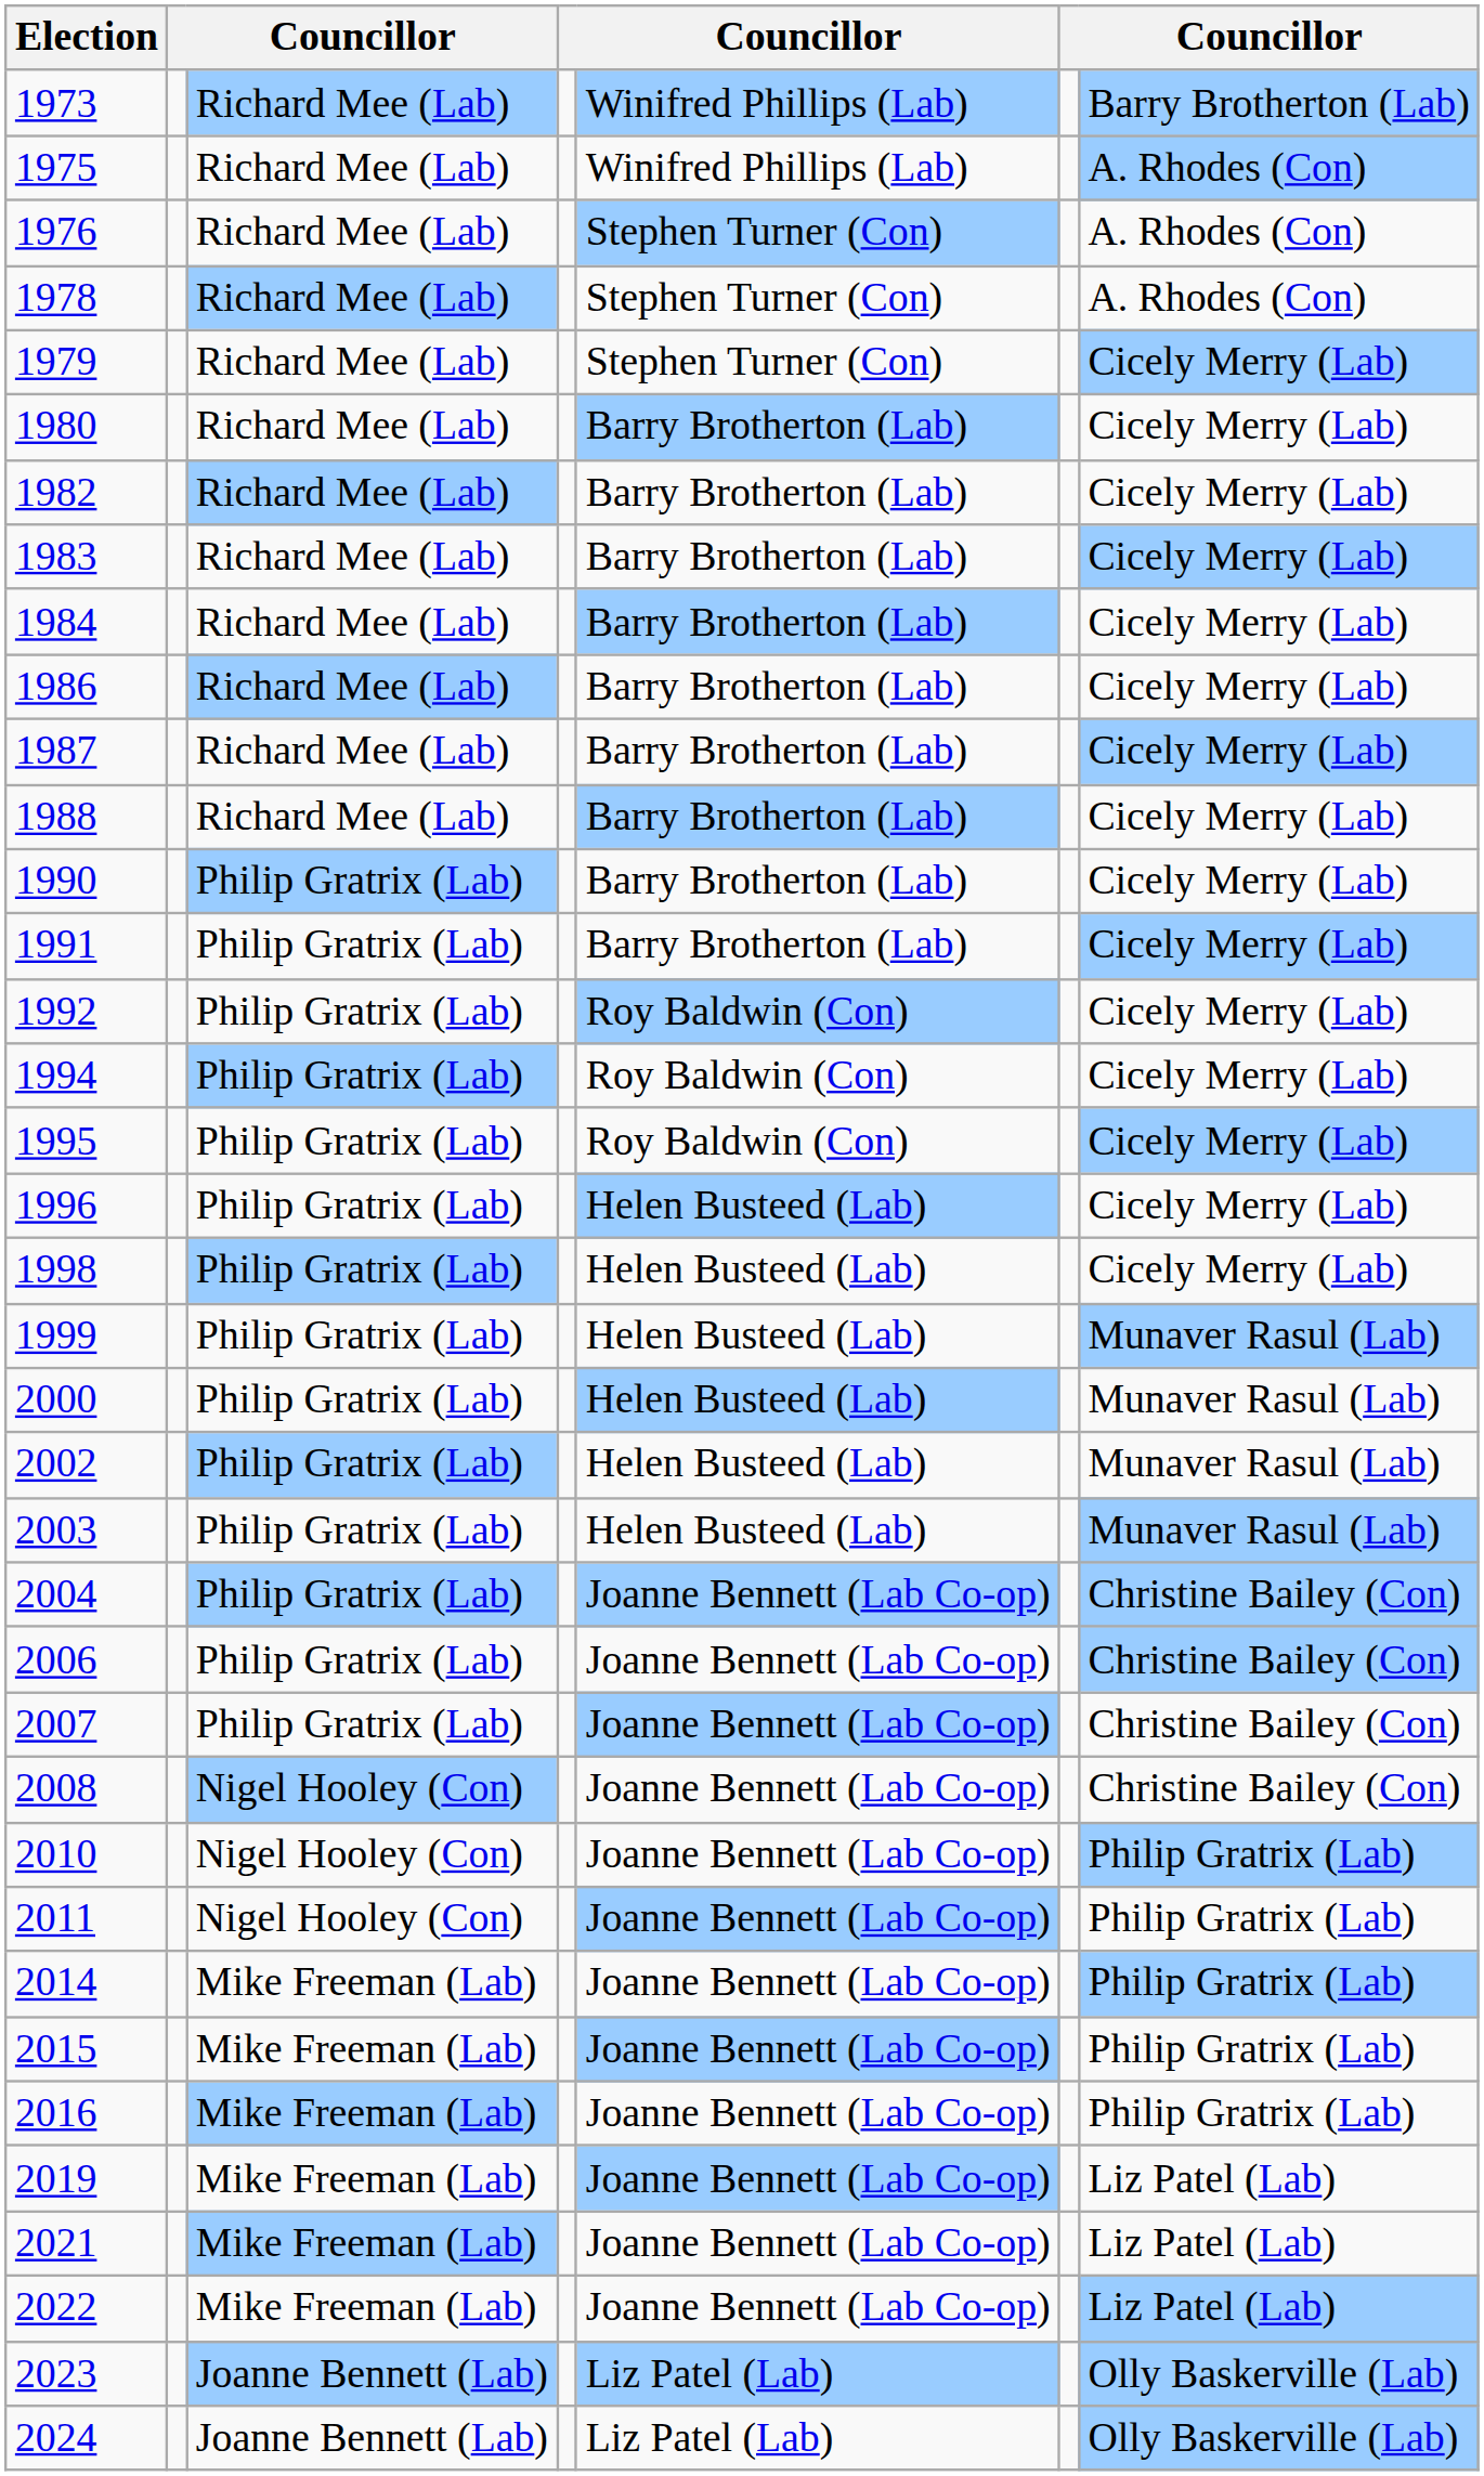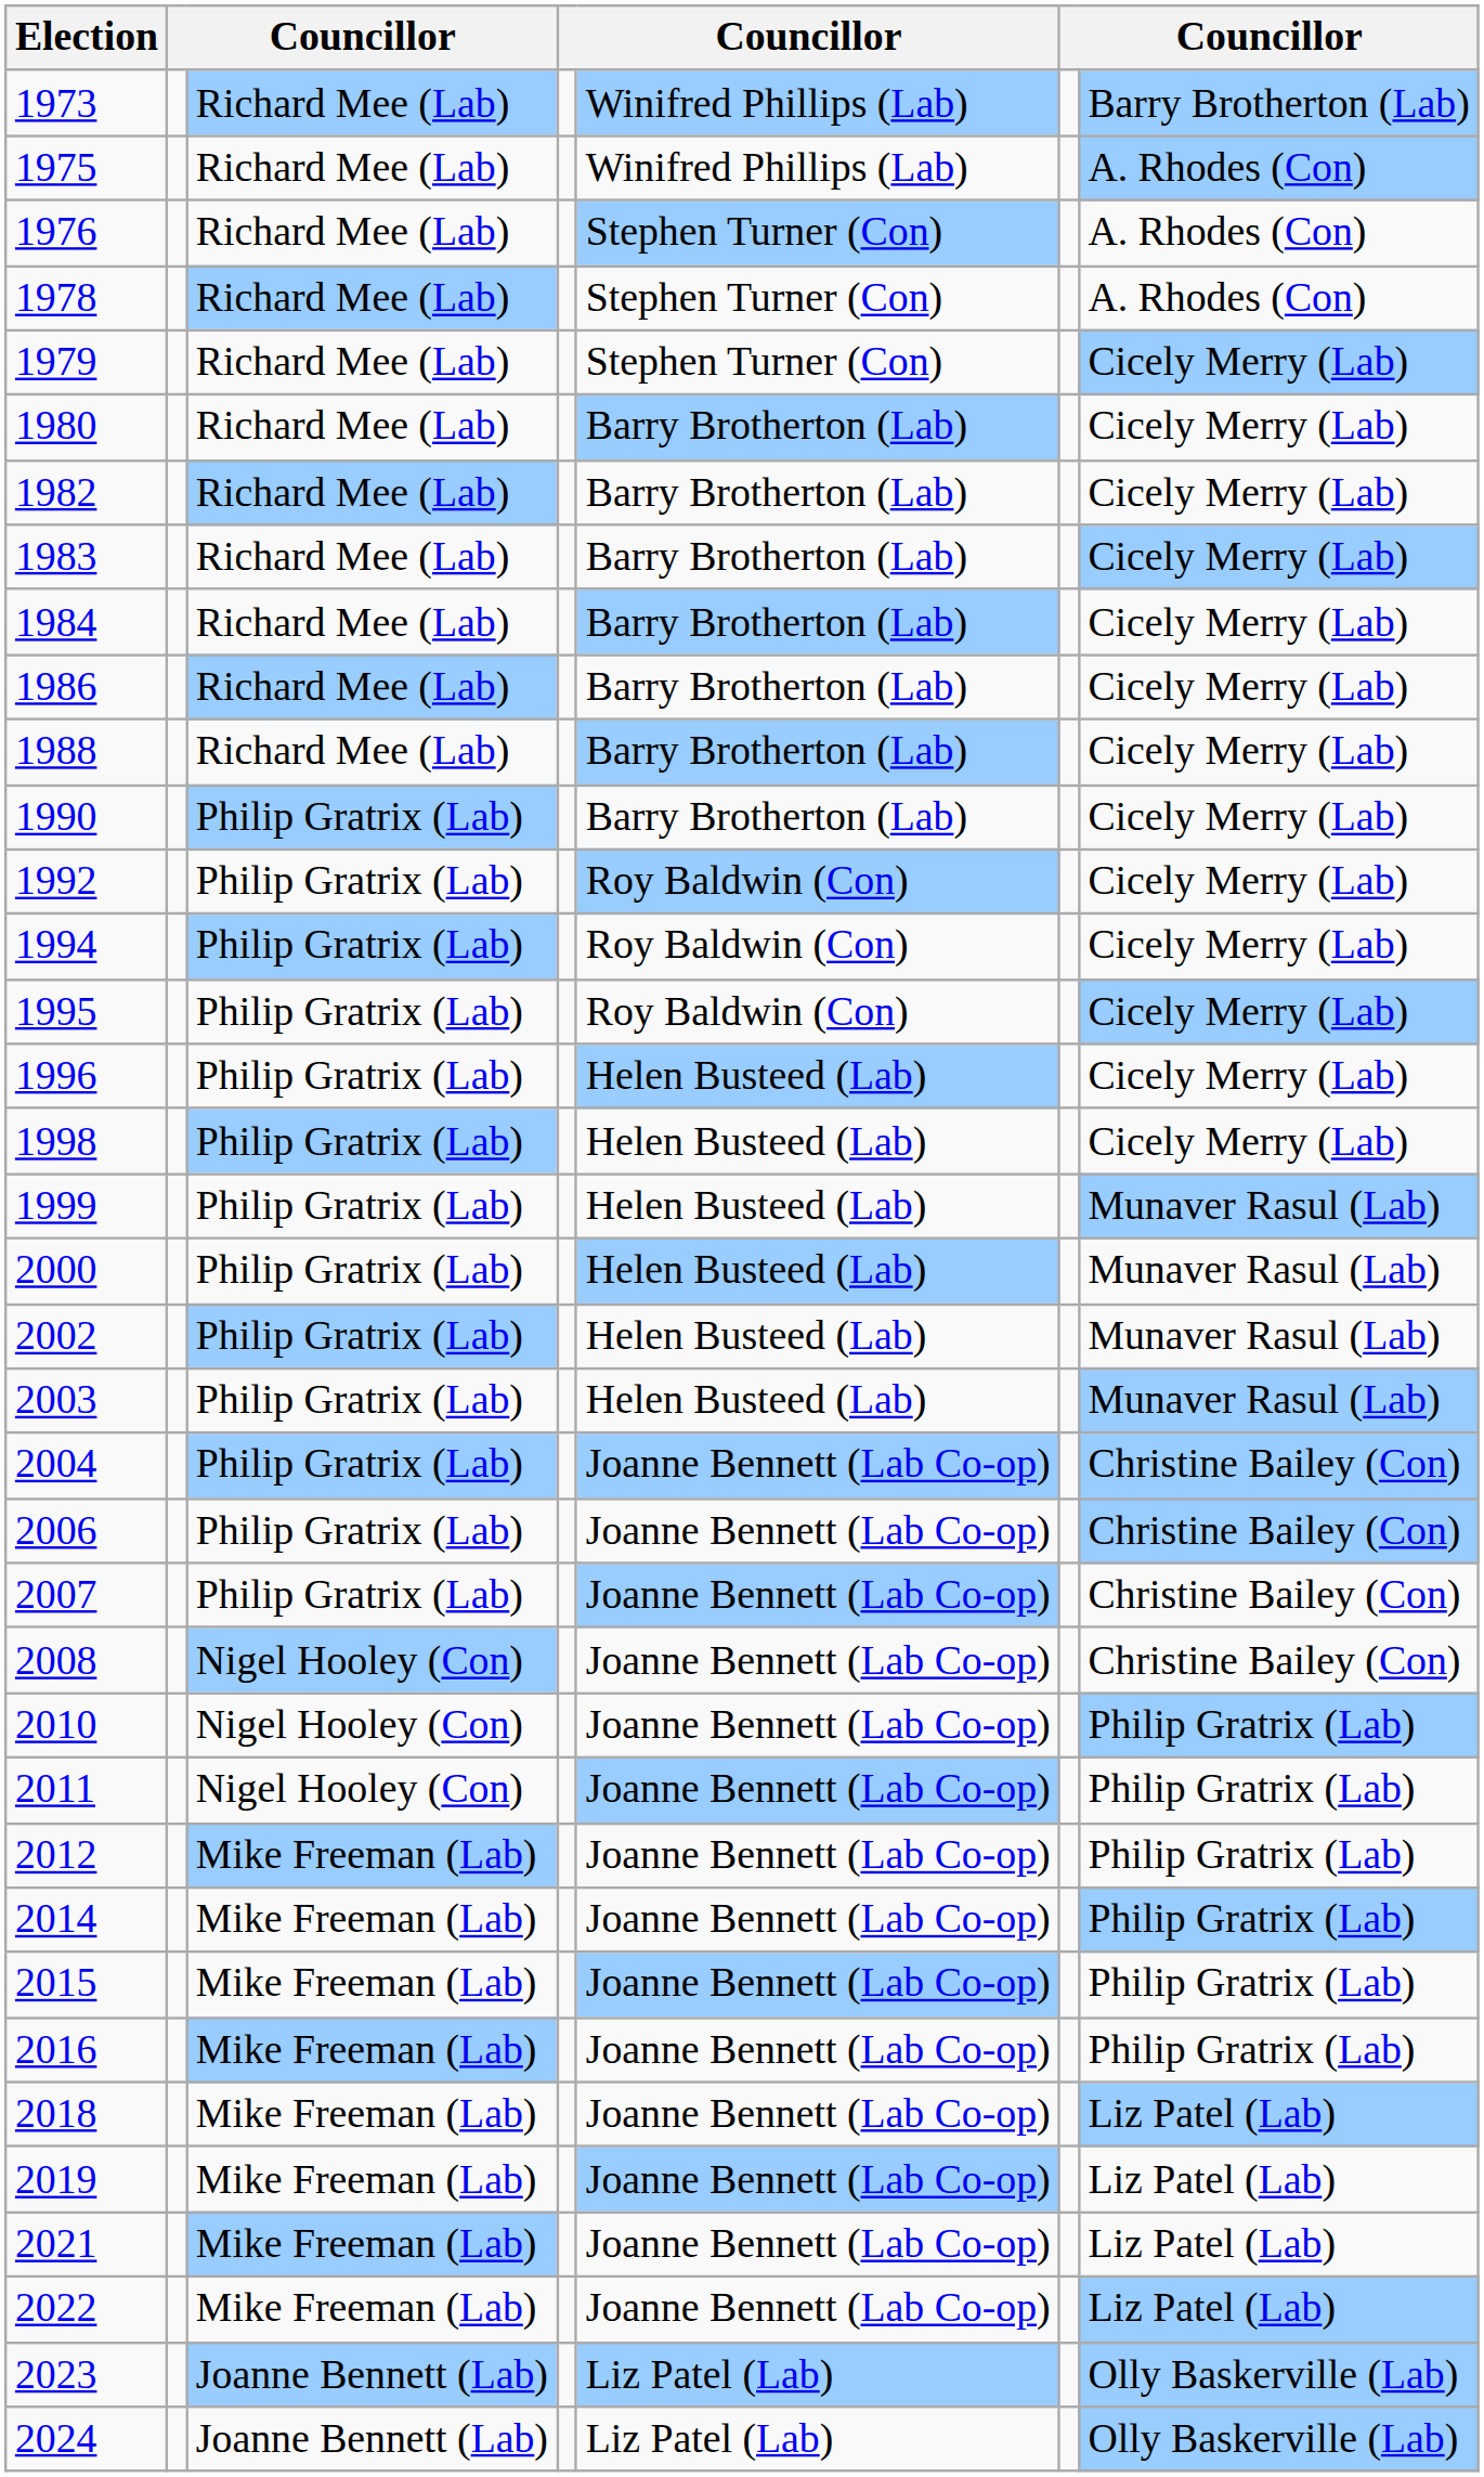 <table class="wikitable">
 <tr>
 <th>Election</th>
 <th colspan="2">Councillor</th>
 <th colspan="2">Councillor</th>
 <th colspan="2">Councillor</th>
 </tr>
 <tr>
 <td><a href='#'>1973</a></td>
 <td style="background-color: "></td>
 <td bgcolor="#99CCFF">Richard Mee (<a href='#'>Lab</a>)</td>
 <td style="background-color: "></td>
 <td bgcolor="#99CCFF">Winifred Phillips (<a href='#'>Lab</a>)</td>
 <td style="background-color: "></td>
 <td bgcolor="#99CCFF">Barry Brotherton (<a href='#'>Lab</a>)</td>
 </tr>
 <tr>
 <td><a href='#'>1975</a></td>
 <td style="background-color: "></td>
 <td>Richard Mee (<a href='#'>Lab</a>)</td>
 <td style="background-color: "></td>
 <td>Winifred Phillips (<a href='#'>Lab</a>)</td>
 <td style="background-color: "></td>
 <td bgcolor="#99CCFF">A. Rhodes (<a href='#'>Con</a>)</td>
 </tr>
 <tr>
 <td><a href='#'>1976</a></td>
 <td style="background-color: "></td>
 <td>Richard Mee (<a href='#'>Lab</a>)</td>
 <td style="background-color: "></td>
 <td bgcolor="#99CCFF">Stephen Turner (<a href='#'>Con</a>)</td>
 <td style="background-color: "></td>
 <td>A. Rhodes (<a href='#'>Con</a>)</td>
 </tr>
 <tr>
 <td><a href='#'>1978</a></td>
 <td style="background-color: "></td>
 <td bgcolor="#99CCFF">Richard Mee (<a href='#'>Lab</a>)</td>
 <td style="background-color: "></td>
 <td>Stephen Turner (<a href='#'>Con</a>)</td>
 <td style="background-color: "></td>
 <td>A. Rhodes (<a href='#'>Con</a>)</td>
 </tr>
 <tr>
 <td><a href='#'>1979</a></td>
 <td style="background-color: "></td>
 <td>Richard Mee (<a href='#'>Lab</a>)</td>
 <td style="background-color: "></td>
 <td>Stephen Turner (<a href='#'>Con</a>)</td>
 <td style="background-color: "></td>
 <td bgcolor="#99CCFF">Cicely Merry (<a href='#'>Lab</a>)</td>
 </tr>
 <tr>
 <td><a href='#'>1980</a></td>
 <td style="background-color: "></td>
 <td>Richard Mee (<a href='#'>Lab</a>)</td>
 <td style="background-color: "></td>
 <td bgcolor="#99CCFF">Barry Brotherton (<a href='#'>Lab</a>)</td>
 <td style="background-color: "></td>
 <td>Cicely Merry (<a href='#'>Lab</a>)</td>
 </tr>
 <tr>
 <td><a href='#'>1982</a></td>
 <td style="background-color: "></td>
 <td bgcolor="#99CCFF">Richard Mee (<a href='#'>Lab</a>)</td>
 <td style="background-color: "></td>
 <td>Barry Brotherton (<a href='#'>Lab</a>)</td>
 <td style="background-color: "></td>
 <td>Cicely Merry (<a href='#'>Lab</a>)</td>
 </tr>
 <tr>
 <td><a href='#'>1983</a></td>
 <td style="background-color: "></td>
 <td>Richard Mee (<a href='#'>Lab</a>)</td>
 <td style="background-color: "></td>
 <td>Barry Brotherton (<a href='#'>Lab</a>)</td>
 <td style="background-color: "></td>
 <td bgcolor="#99CCFF">Cicely Merry (<a href='#'>Lab</a>)</td>
 </tr>
 <tr>
 <td><a href='#'>1984</a></td>
 <td style="background-color: "></td>
 <td>Richard Mee (<a href='#'>Lab</a>)</td>
 <td style="background-color: "></td>
 <td bgcolor="#99CCFF">Barry Brotherton (<a href='#'>Lab</a>)</td>
 <td style="background-color: "></td>
 <td>Cicely Merry (<a href='#'>Lab</a>)</td>
 </tr>
 <tr>
 <td><a href='#'>1986</a></td>
 <td style="background-color: "></td>
 <td bgcolor="#99CCFF">Richard Mee (<a href='#'>Lab</a>)</td>
 <td style="background-color: "></td>
 <td>Barry Brotherton (<a href='#'>Lab</a>)</td>
 <td style="background-color: "></td>
 <td>Cicely Merry (<a href='#'>Lab</a>)</td>
 </tr>
 <tr>
-<td><a href='#'>1987</a></td>
-<td style="background-color: "></td>
-<td>Richard Mee (<a href='#'>Lab</a>)</td>
-<td style="background-color: "></td>
-<td>Barry Brotherton (<a href='#'>Lab</a>)</td>
-<td style="background-color: "></td>
-<td bgcolor="#99CCFF">Cicely Merry (<a href='#'>Lab</a>)</td>
-</tr>
-<tr>
 <td><a href='#'>1988</a></td>
 <td style="background-color: "></td>
 <td>Richard Mee (<a href='#'>Lab</a>)</td>
 <td style="background-color: "></td>
 <td bgcolor="#99CCFF">Barry Brotherton (<a href='#'>Lab</a>)</td>
 <td style="background-color: "></td>
 <td>Cicely Merry (<a href='#'>Lab</a>)</td>
 </tr>
 <tr>
 <td><a href='#'>1990</a></td>
 <td style="background-color: "></td>
 <td bgcolor="#99CCFF">Philip Gratrix (<a href='#'>Lab</a>)</td>
 <td style="background-color: "></td>
 <td>Barry Brotherton (<a href='#'>Lab</a>)</td>
 <td style="background-color: "></td>
 <td>Cicely Merry (<a href='#'>Lab</a>)</td>
-</tr>
-<tr>
-<td><a href='#'>1991</a></td>
-<td style="background-color: "></td>
-<td>Philip Gratrix (<a href='#'>Lab</a>)</td>
-<td style="background-color: "></td>
-<td>Barry Brotherton (<a href='#'>Lab</a>)</td>
-<td style="background-color: "></td>
-<td bgcolor="#99CCFF">Cicely Merry (<a href='#'>Lab</a>)</td>
 </tr>
 <tr>
 <td><a href='#'>1992</a></td>
 <td style="background-color: "></td>
 <td>Philip Gratrix (<a href='#'>Lab</a>)</td>
 <td style="background-color: "></td>
 <td bgcolor="#99CCFF">Roy Baldwin (<a href='#'>Con</a>)</td>
 <td style="background-color: "></td>
 <td>Cicely Merry (<a href='#'>Lab</a>)</td>
 </tr>
 <tr>
 <td><a href='#'>1994</a></td>
 <td style="background-color: "></td>
 <td bgcolor="#99CCFF">Philip Gratrix (<a href='#'>Lab</a>)</td>
 <td style="background-color: "></td>
 <td>Roy Baldwin (<a href='#'>Con</a>)</td>
 <td style="background-color: "></td>
 <td>Cicely Merry (<a href='#'>Lab</a>)</td>
 </tr>
 <tr>
 <td><a href='#'>1995</a></td>
 <td style="background-color: "></td>
 <td>Philip Gratrix (<a href='#'>Lab</a>)</td>
 <td style="background-color: "></td>
 <td>Roy Baldwin (<a href='#'>Con</a>)</td>
 <td style="background-color: "></td>
 <td bgcolor="#99CCFF">Cicely Merry (<a href='#'>Lab</a>)</td>
 </tr>
 <tr>
 <td><a href='#'>1996</a></td>
 <td style="background-color: "></td>
 <td>Philip Gratrix (<a href='#'>Lab</a>)</td>
 <td style="background-color: "></td>
 <td bgcolor="#99CCFF">Helen Busteed (<a href='#'>Lab</a>)</td>
 <td style="background-color: "></td>
 <td>Cicely Merry (<a href='#'>Lab</a>)</td>
 </tr>
 <tr>
 <td><a href='#'>1998</a></td>
 <td style="background-color: "></td>
 <td bgcolor="#99CCFF">Philip Gratrix (<a href='#'>Lab</a>)</td>
 <td style="background-color: "></td>
 <td>Helen Busteed (<a href='#'>Lab</a>)</td>
 <td style="background-color: "></td>
 <td>Cicely Merry (<a href='#'>Lab</a>)</td>
 </tr>
 <tr>
 <td><a href='#'>1999</a></td>
 <td style="background-color: "></td>
 <td>Philip Gratrix (<a href='#'>Lab</a>)</td>
 <td style="background-color: "></td>
 <td>Helen Busteed (<a href='#'>Lab</a>)</td>
 <td style="background-color: "></td>
 <td bgcolor="#99CCFF">Munaver Rasul (<a href='#'>Lab</a>)</td>
 </tr>
 <tr>
 <td><a href='#'>2000</a></td>
 <td style="background-color: "></td>
 <td>Philip Gratrix (<a href='#'>Lab</a>)</td>
 <td style="background-color: "></td>
 <td bgcolor="#99CCFF">Helen Busteed (<a href='#'>Lab</a>)</td>
 <td style="background-color: "></td>
 <td>Munaver Rasul (<a href='#'>Lab</a>)</td>
 </tr>
 <tr>
 <td><a href='#'>2002</a></td>
 <td style="background-color: "></td>
 <td bgcolor="#99CCFF">Philip Gratrix (<a href='#'>Lab</a>)</td>
 <td style="background-color: "></td>
 <td>Helen Busteed (<a href='#'>Lab</a>)</td>
 <td style="background-color: "></td>
 <td>Munaver Rasul (<a href='#'>Lab</a>)</td>
 </tr>
 <tr>
 <td><a href='#'>2003</a></td>
 <td style="background-color: "></td>
 <td>Philip Gratrix (<a href='#'>Lab</a>)</td>
 <td style="background-color: "></td>
 <td>Helen Busteed (<a href='#'>Lab</a>)</td>
 <td style="background-color: "></td>
 <td bgcolor="#99CCFF">Munaver Rasul (<a href='#'>Lab</a>)</td>
 </tr>
 <tr>
 <td><a href='#'>2004</a></td>
 <td style="background-color: "></td>
 <td bgcolor="#99CCFF">Philip Gratrix (<a href='#'>Lab</a>)</td>
 <td style="background-color: "></td>
 <td bgcolor="#99CCFF">Joanne Bennett (<a href='#'>Lab Co-op</a>)</td>
 <td style="background-color: "></td>
 <td bgcolor="#99CCFF">Christine Bailey (<a href='#'>Con</a>)</td>
 </tr>
 <tr>
 <td><a href='#'>2006</a></td>
 <td style="background-color: "></td>
 <td>Philip Gratrix (<a href='#'>Lab</a>)</td>
 <td style="background-color: "></td>
 <td>Joanne Bennett (<a href='#'>Lab Co-op</a>)</td>
 <td style="background-color: "></td>
 <td bgcolor="#99CCFF">Christine Bailey (<a href='#'>Con</a>)</td>
 </tr>
 <tr>
 <td><a href='#'>2007</a></td>
 <td style="background-color: "></td>
 <td>Philip Gratrix (<a href='#'>Lab</a>)</td>
 <td style="background-color: "></td>
 <td bgcolor="#99CCFF">Joanne Bennett (<a href='#'>Lab Co-op</a>)</td>
 <td style="background-color: "></td>
 <td>Christine Bailey (<a href='#'>Con</a>)</td>
 </tr>
 <tr>
 <td><a href='#'>2008</a></td>
 <td style="background-color: "></td>
 <td bgcolor="#99CCFF">Nigel Hooley (<a href='#'>Con</a>)</td>
 <td style="background-color: "></td>
 <td>Joanne Bennett (<a href='#'>Lab Co-op</a>)</td>
 <td style="background-color: "></td>
 <td>Christine Bailey (<a href='#'>Con</a>)</td>
 </tr>
 <tr>
 <td><a href='#'>2010</a></td>
 <td style="background-color: "></td>
 <td>Nigel Hooley (<a href='#'>Con</a>)</td>
 <td style="background-color: "></td>
 <td>Joanne Bennett (<a href='#'>Lab Co-op</a>)</td>
 <td style="background-color: "></td>
 <td bgcolor="#99CCFF">Philip Gratrix (<a href='#'>Lab</a>)</td>
 </tr>
 <tr>
 <td><a href='#'>2011</a></td>
 <td style="background-color: "></td>
 <td>Nigel Hooley (<a href='#'>Con</a>)</td>
 <td style="background-color: "></td>
 <td bgcolor="#99CCFF">Joanne Bennett (<a href='#'>Lab Co-op</a>)</td>
 <td style="background-color: "></td>
 <td>Philip Gratrix (<a href='#'>Lab</a>)</td>
 </tr>
 <tr>
+<td><a href='#'>2012</a></td>
+<td style="background-color: "></td>
+<td bgcolor="#99CCFF">Mike Freeman (<a href='#'>Lab</a>)</td>
+<td style="background-color: "></td>
+<td>Joanne Bennett (<a href='#'>Lab Co-op</a>)</td>
+<td style="background-color: "></td>
+<td>Philip Gratrix (<a href='#'>Lab</a>)</td>
+</tr>
+<tr>
 <td><a href='#'>2014</a></td>
 <td style="background-color: "></td>
 <td>Mike Freeman (<a href='#'>Lab</a>)</td>
 <td style="background-color: "></td>
 <td>Joanne Bennett (<a href='#'>Lab Co-op</a>)</td>
 <td style="background-color: "></td>
 <td bgcolor="#99CCFF">Philip Gratrix (<a href='#'>Lab</a>)</td>
 </tr>
 <tr>
 <td><a href='#'>2015</a></td>
 <td style="background-color: "></td>
 <td>Mike Freeman (<a href='#'>Lab</a>)</td>
 <td style="background-color: "></td>
 <td bgcolor="#99CCFF">Joanne Bennett (<a href='#'>Lab Co-op</a>)</td>
 <td style="background-color: "></td>
 <td>Philip Gratrix (<a href='#'>Lab</a>)</td>
 </tr>
 <tr>
 <td><a href='#'>2016</a></td>
 <td style="background-color: "></td>
 <td bgcolor="#99CCFF">Mike Freeman (<a href='#'>Lab</a>)</td>
 <td style="background-color: "></td>
 <td>Joanne Bennett (<a href='#'>Lab Co-op</a>)</td>
 <td style="background-color: "></td>
 <td>Philip Gratrix (<a href='#'>Lab</a>)</td>
+</tr>
+<tr>
+<td><a href='#'>2018</a></td>
+<td style="background-color: "></td>
+<td>Mike Freeman (<a href='#'>Lab</a>)</td>
+<td style="background-color: "></td>
+<td>Joanne Bennett (<a href='#'>Lab Co-op</a>)</td>
+<td style="background-color: "></td>
+<td bgcolor="#99CCFF">Liz Patel (<a href='#'>Lab</a>)</td>
 </tr>
 <tr>
 <td><a href='#'>2019</a></td>
 <td style="background-color: "></td>
 <td>Mike Freeman (<a href='#'>Lab</a>)</td>
 <td style="background-color: "></td>
 <td bgcolor="#99CCFF">Joanne Bennett (<a href='#'>Lab Co-op</a>)</td>
 <td style="background-color: "></td>
 <td>Liz Patel (<a href='#'>Lab</a>)</td>
 </tr>
 <tr>
 <td><a href='#'>2021</a></td>
 <td style="background-color: "></td>
 <td bgcolor="#99CCFF">Mike Freeman (<a href='#'>Lab</a>)</td>
 <td style="background-color: "></td>
 <td>Joanne Bennett (<a href='#'>Lab Co-op</a>)</td>
 <td style="background-color: "></td>
 <td>Liz Patel (<a href='#'>Lab</a>)</td>
 </tr>
 <tr>
 <td><a href='#'>2022</a></td>
 <td style="background-color: "></td>
 <td>Mike Freeman (<a href='#'>Lab</a>)</td>
 <td style="background-color: "></td>
 <td>Joanne Bennett (<a href='#'>Lab Co-op</a>)</td>
 <td style="background-color: "></td>
 <td bgcolor="#99CCFF">Liz Patel (<a href='#'>Lab</a>)</td>
 </tr>
 <tr>
 <td><a href='#'>2023</a></td>
 <td style="background-color: "></td>
 <td bgcolor="#99CCFF">Joanne Bennett (<a href='#'>Lab</a>)</td>
 <td style="background-color: "></td>
 <td bgcolor="#99CCFF">Liz Patel (<a href='#'>Lab</a>)</td>
 <td style="background-color: "></td>
 <td bgcolor="#99CCFF">Olly Baskerville (<a href='#'>Lab</a>)</td>
 </tr>
 <tr>
 <td><a href='#'>2024</a></td>
 <td style="background-color: "></td>
 <td bgcolor=>Joanne Bennett (<a href='#'>Lab</a>)</td>
 <td style="background-color: "></td>
 <td bgcolor=>Liz Patel (<a href='#'>Lab</a>)</td>
 <td style="background-color: "></td>
 <td bgcolor="#99CCFF">Olly Baskerville (<a href='#'>Lab</a>)</td>
 </tr>
 </table>
